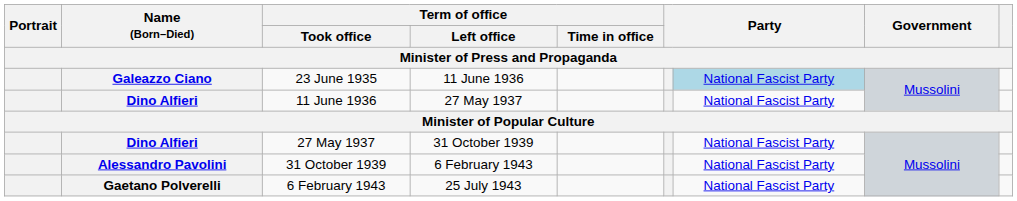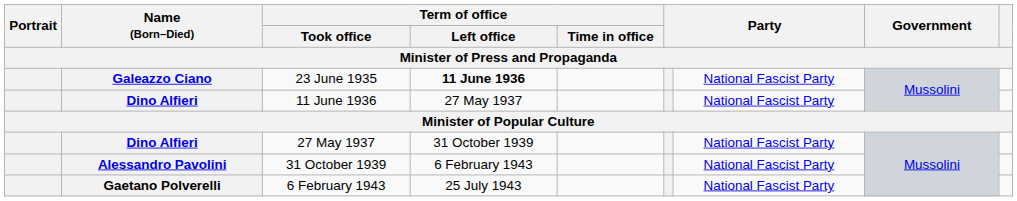 <table class="wikitable" style="text-align:center; style="width=95%">
 <tr>
 <th width=1% rowspan=2>Portrait</th>
 <th width=15% rowspan=2>Name<br><small>(Born–Died)</small></th>
 <th width=30% colspan=3>Term of office</th>
 <th width=15% rowspan=2 colspan=2>Party</th>
 <th width=10% rowspan=2>Government</th>
 <th width=1% rowspan=2></th>
 </tr>
 <tr style="text-align:center;">
 <th width=11%>Took office</th>
 <th width=11%>Left office</th>
 <th width=8%>Time in office</th>
 </tr>
 <tr>
 <th colspan=9>Minister of Press and Propaganda</th>
 </tr>
 <tr>
 <th></th>
 <th scope="row" style="font-weight:normal"><strong><a href='#'>Galeazzo Ciano</a></strong><br></th>
 <td>23 June 1935</td>
-<td>11 June 1936</td>
+<td><strong>11 June 1936</strong></td>
 <td></td>
 <th style="background:"></th>
-<td style="background: lightblue;"><a href='#'>National Fascist Party</a></td>
+<td><a href='#'>National Fascist Party</a></td>
 <td rowspan=2 bgcolor=#CFD5DA><a href='#'>Mussolini</a></td>
 <td></td>
 </tr>
 <tr>
 <th></th>
 <th scope="row" style="font-weight:normal"><strong><a href='#'>Dino Alfieri</a></strong><br></th>
 <td>11 June 1936</td>
 <td>27 May 1937</td>
 <td></td>
 <th style="background:"></th>
 <td><a href='#'>National Fascist Party</a></td>
 <td></td>
 </tr>
 <tr>
 <th colspan=9>Minister of Popular Culture</th>
 </tr>
 <tr>
 <th></th>
 <th scope="row" style="font-weight:normal"><strong><a href='#'>Dino Alfieri</a></strong><br></th>
 <td>27 May 1937</td>
 <td>31 October 1939</td>
 <td></td>
 <th style="background:"></th>
 <td><a href='#'>National Fascist Party</a></td>
 <td rowspan=3 bgcolor=#CFD5DA><a href='#'>Mussolini</a></td>
 <td></td>
 </tr>
 <tr>
 <th></th>
 <th scope="row" style="font-weight:normal"><strong><a href='#'>Alessandro Pavolini</a></strong><br></th>
 <td>31 October 1939</td>
 <td>6 February 1943</td>
 <td></td>
 <th style="background:"></th>
 <td><a href='#'>National Fascist Party</a></td>
 <td></td>
 </tr>
 <tr>
 <th></th>
 <th scope="row" style="font-weight:normal"><strong>Gaetano Polverelli</strong><br></th>
 <td>6 February 1943</td>
 <td>25 July 1943</td>
 <td></td>
 <th style="background:"></th>
 <td><a href='#'>National Fascist Party</a></td>
 <td></td>
 </tr>
 </table>
